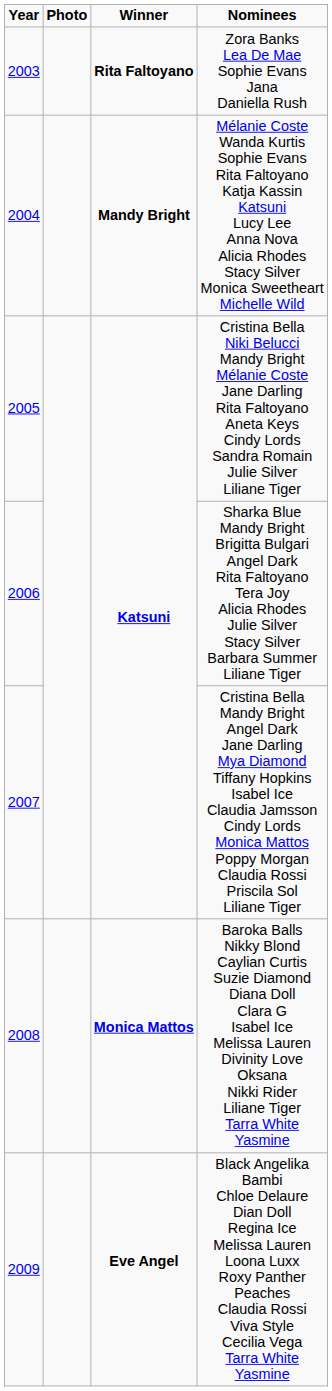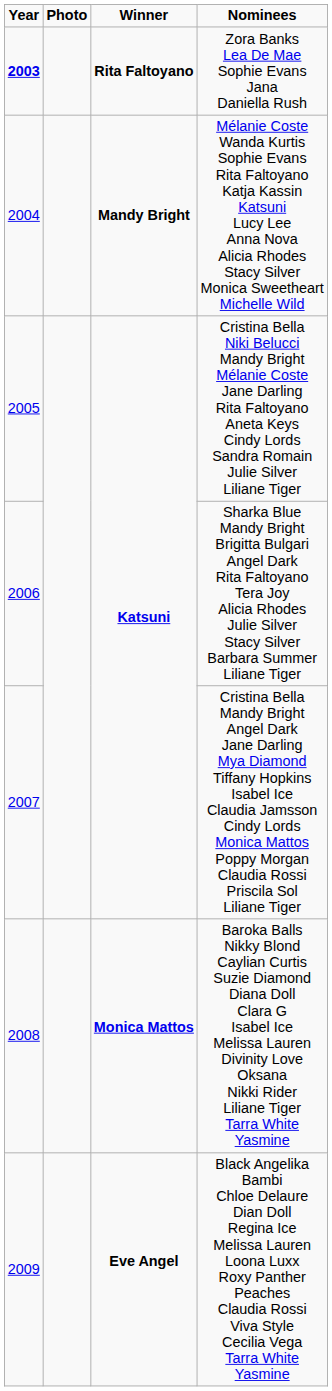 <table class=wikitable>
 <tr>
 <td align=center><strong>Year</strong></td>
 <td align=center><strong>Photo</strong></td>
 <td align=center><strong>Winner</strong></td>
 <td align=center><strong>Nominees</strong></td>
 </tr>
 <tr>
-<td><a href='#'>2003</a></td>
+<td><strong><a href='#'>2003</a></strong></td>
 <td></td>
 <td align=center><strong>Rita Faltoyano</strong><br></td>
 <td align=center>Zora Banks<br><a href='#'>Lea De Mae</a><br>Sophie Evans<br>Jana<br>Daniella Rush</td>
 </tr>
 <tr>
 <td><a href='#'>2004</a></td>
 <td></td>
 <td align=center><strong>Mandy Bright</strong><br></td>
 <td align=center><a href='#'>Mélanie Coste</a><br>Wanda Kurtis<br>Sophie Evans<br>Rita Faltoyano<br>Katja Kassin<br><a href='#'>Katsuni</a><br>Lucy Lee<br>Anna Nova<br>Alicia Rhodes<br>Stacy Silver<br>Monica Sweetheart<br><a href='#'>Michelle Wild</a></td>
 </tr>
 <tr>
 <td><a href='#'>2005</a></td>
 <td rowspan=3></td>
 <td rowspan=3 align=center><strong><a href='#'>Katsuni</a></strong><br></td>
 <td align=center>Cristina Bella<br><a href='#'>Niki Belucci</a><br>Mandy Bright<br><a href='#'>Mélanie Coste</a><br>Jane Darling<br>Rita Faltoyano<br>Aneta Keys<br>Cindy Lords<br>Sandra Romain<br>Julie Silver<br>Liliane Tiger</td>
 </tr>
 <tr>
 <td><a href='#'>2006</a></td>
 <td align=center>Sharka Blue<br>Mandy Bright<br>Brigitta Bulgari<br>Angel Dark<br>Rita Faltoyano<br>Tera Joy<br>Alicia Rhodes<br>Julie Silver<br>Stacy Silver<br>Barbara Summer<br>Liliane Tiger</td>
 </tr>
 <tr>
 <td><a href='#'>2007</a></td>
 <td align=center>Cristina Bella<br>Mandy Bright<br>Angel Dark<br>Jane Darling<br><a href='#'>Mya Diamond</a><br>Tiffany Hopkins<br>Isabel Ice<br>Claudia Jamsson<br>Cindy Lords<br><a href='#'>Monica Mattos</a><br>Poppy Morgan<br>Claudia Rossi<br>Priscila Sol<br>Liliane Tiger</td>
 </tr>
 <tr>
 <td><a href='#'>2008</a></td>
 <td></td>
 <td align=center><strong><a href='#'>Monica Mattos</a></strong><br><br></td>
 <td align=center>Baroka Balls<br>Nikky Blond<br>Caylian Curtis<br>Suzie Diamond<br>Diana Doll<br>Clara G<br>Isabel Ice<br>Melissa Lauren<br>Divinity Love<br>Oksana<br>Nikki Rider<br>Liliane Tiger<br><a href='#'>Tarra White</a><br><a href='#'>Yasmine</a></td>
 </tr>
 <tr>
 <td><a href='#'>2009</a></td>
 <td></td>
 <td align=center><strong>Eve Angel</strong><br><br></td>
 <td align=center>Black Angelika<br>Bambi<br>Chloe Delaure<br>Dian Doll<br>Regina Ice<br>Melissa Lauren<br>Loona Luxx<br>Roxy Panther<br>Peaches<br>Claudia Rossi<br>Viva Style<br>Cecilia Vega<br><a href='#'>Tarra White</a><br><a href='#'>Yasmine</a></td>
 </tr>
 </table>
